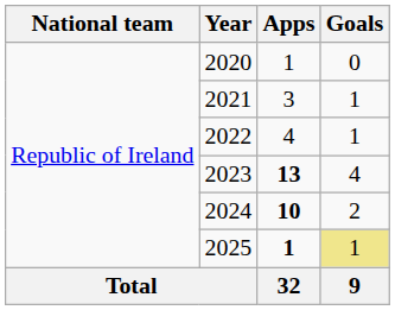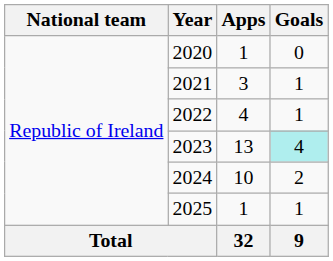 <table class="sortable wikitable" style="text-align:center">
 <tr>
 <th scope="col">National team</th>
 <th scope="col">Year</th>
 <th !scope="col">Apps</th>
 <th !scope="col">Goals</th>
 </tr>
 <tr>
 <td rowspan="6"><a href='#'>Republic of Ireland</a></td>
 <td scope="row">2020</td>
 <td>1</td>
 <td>0</td>
 </tr>
 <tr>
 <td scope="row">2021</td>
 <td>3</td>
 <td>1</td>
 </tr>
 <tr>
 <td scope="row">2022</td>
 <td>4</td>
 <td>1</td>
 </tr>
 <tr>
 <td scope="row">2023</td>
-<td><strong>13</strong></td>
-<td>4</td>
+<td>13</td>
+<td style="background: paleturquoise;">4</td>
 </tr>
 <tr>
 <td>2024</td>
-<td><strong>10</strong></td>
+<td>10</td>
 <td>2</td>
 </tr>
 <tr>
 <td>2025</td>
-<td><strong>1</strong></td>
-<td style="background: khaki;">1</td>
+<td>1</td>
+<td>1</td>
 </tr>
 <tr>
 <th colspan="2">Total</th>
 <th>32</th>
 <th>9</th>
 </tr>
 </table>
